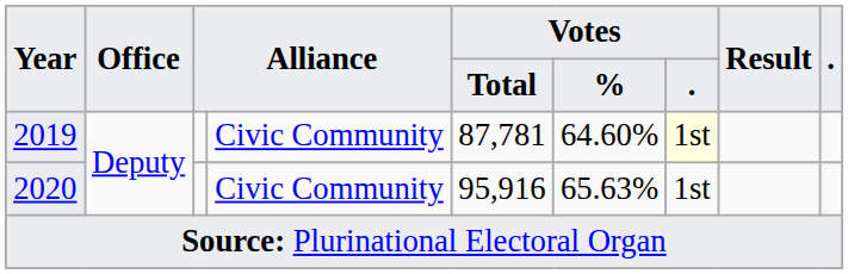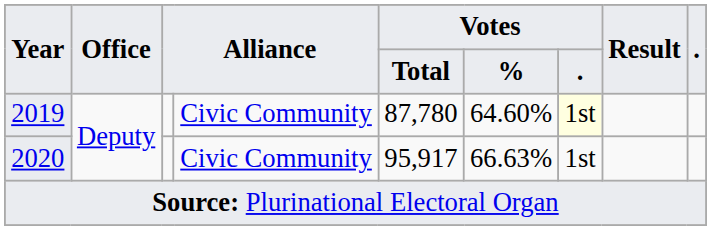 <table class="wikitable" style="font-size:90%; text-align:center;">
 <tr>
 <th style="background-color:#EAECF0;" rowspan=2>Year</th>
 <th style="background-color:#EAECF0;" rowspan=2>Office</th>
 <th style="background-color:#EAECF0;" colspan=2 rowspan=2>Alliance</th>
 <th style="background-color:#EAECF0;" colspan=3>Votes</th>
 <th style="background-color:#EAECF0;" rowspan=2>Result</th>
 <th style="background-color:#EAECF0;" rowspan=2>.</th>
 </tr>
 <tr>
 <th style="background-color:#EAECF0;">Total</th>
 <th style="background-color:#EAECF0;">%</th>
 <th style="background-color:#EAECF0;">.</th>
 </tr>
 <tr>
 <td style="background-color:#EAECF0;"><a href='#'>2019</a></td>
 <td rowspan=2><a href='#'>Deputy</a></td>
 <td style="background-color:"></td>
 <td><a href='#'>Civic Community</a></td>
-<td>87,781</td>
+<td>87,780</td>
 <td>64.60%</td>
 <td style="background: lightyellow;">1st</td>
 <td></td>
 <td></td>
 </tr>
 <tr>
 <td style="background-color:#EAECF0;"><a href='#'>2020</a></td>
 <td style="background-color:"></td>
 <td><a href='#'>Civic Community</a></td>
-<td>95,916</td>
-<td>65.63%</td>
+<td>95,917</td>
+<td>66.63%</td>
 <td>1st</td>
 <td></td>
 <td></td>
 </tr>
 <tr>
 <td style="background-color:#EAECF0;" colspan=9><strong>Source:</strong> <a href='#'>Plurinational Electoral Organ</a>  </td>
 </tr>
 </table>
